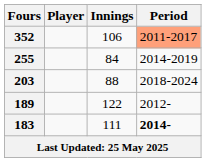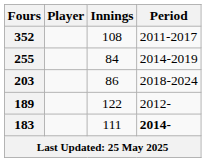 <table class="wikitable" style="text-align:left;font-size:96%;">
 <tr>
 <th>Fours</th>
 <th>Player</th>
 <th>Innings</th>
 <th>Period</th>
 </tr>
 <tr>
 <th scope=row style=text-align:center;>352</th>
 <td></td>
-<td align=center>106</td>
-<td style="background: lightsalmon;">2011-2017</td>
+<td align=center>108</td>
+<td>2011-2017</td>
 </tr>
 <tr>
 <th scope=row style=text-align:center;>255</th>
 <td></td>
 <td align=center>84</td>
 <td>2014-2019</td>
 </tr>
 <tr>
 <th scope=row style=text-align:center;>203</th>
 <td></td>
-<td align=center>88</td>
+<td align=center>86</td>
 <td>2018-2024</td>
 </tr>
 <tr>
 <th scope=row style=text-align:center;>189</th>
 <td></td>
 <td align=center>122</td>
 <td>2012-</td>
 </tr>
 <tr>
 <th scope=row style=text-align:center;>183</th>
 <td></td>
 <td align=center>111</td>
 <td><strong>2014-</strong></td>
 </tr>
 <tr>
 <th colspan=6><small>Last Updated: 25 May 2025</small></th>
 </tr>
 </table>
